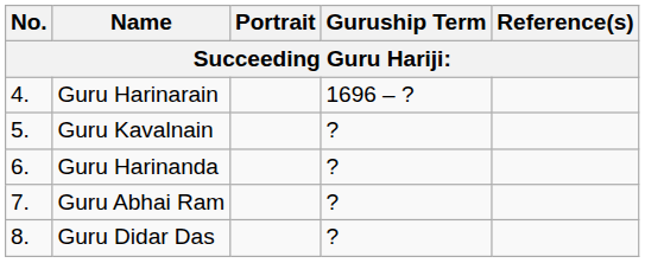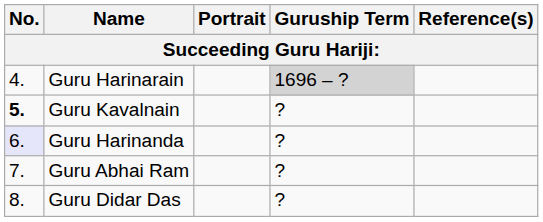 <table class="wikitable">
 <tr>
 <th>No.</th>
 <th>Name<br></th>
 <th>Portrait</th>
 <th>Guruship Term</th>
 <th>Reference(s)</th>
 </tr>
 <tr>
 <th colspan="5">Succeeding Guru Hariji:</th>
 </tr>
 <tr>
 <td>4.</td>
 <td>Guru Harinarain</td>
 <td></td>
-<td>1696 – ?</td>
+<td style="background: lightgrey;">1696 – ?</td>
 <td></td>
 </tr>
 <tr>
-<td>5.</td>
+<td><strong>5.</strong></td>
 <td>Guru Kavalnain</td>
 <td></td>
 <td>?</td>
 <td></td>
 </tr>
 <tr>
-<td>6.</td>
+<td style="background: lavender;">6.</td>
 <td>Guru Harinanda</td>
 <td></td>
 <td>?</td>
 <td></td>
 </tr>
 <tr>
 <td>7.</td>
 <td>Guru Abhai Ram</td>
 <td></td>
 <td>?</td>
 <td></td>
 </tr>
 <tr>
 <td>8.</td>
 <td>Guru Didar Das</td>
 <td></td>
 <td>?</td>
 <td></td>
 </tr>
 </table>
